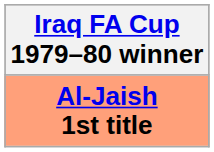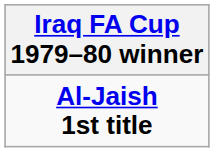 <table class="wikitable" style="text-align: center; margin: 0 auto;">
 <tr>
 <th><a href='#'>Iraq FA Cup</a><br>1979–80 winner</th>
 </tr>
 <tr>
-<td style="background: lightsalmon;"><strong><a href='#'>Al-Jaish</a></strong><br><strong>1st title</strong></td>
+<td><strong><a href='#'>Al-Jaish</a></strong><br><strong>1st title</strong></td>
 </tr>
 </table>
